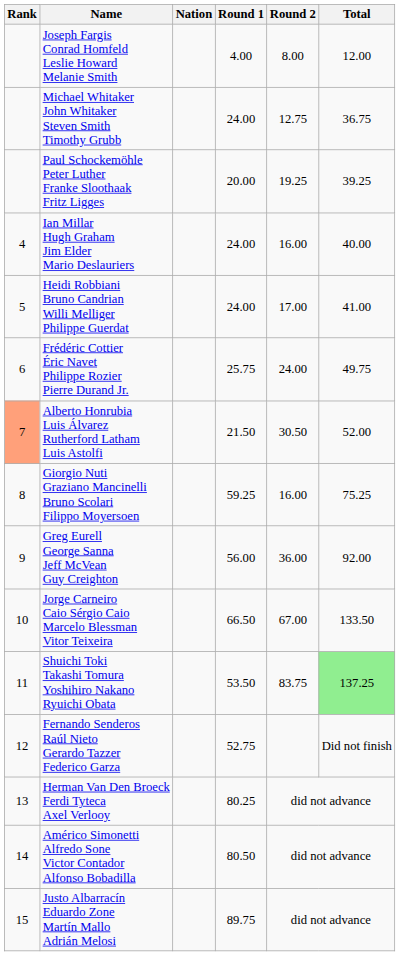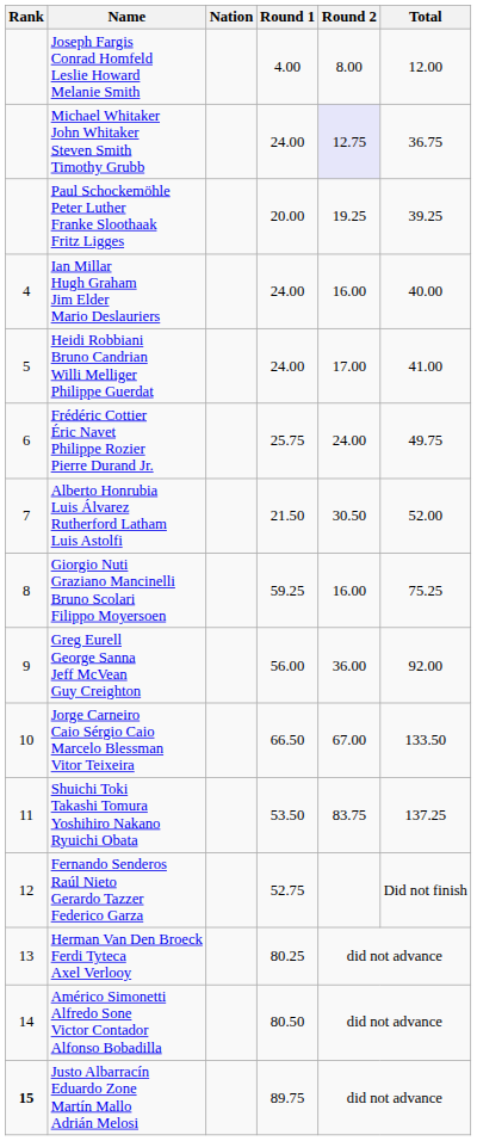 <table class="wikitable sortable" style="text-align:center">
 <tr>
 <th>Rank</th>
 <th>Name</th>
 <th>Nation</th>
 <th>Round 1</th>
 <th>Round 2</th>
 <th>Total</th>
 </tr>
 <tr>
 <td></td>
 <td align="left"><a href='#'>Joseph Fargis</a><br><a href='#'>Conrad Homfeld</a><br><a href='#'>Leslie Howard</a><br><a href='#'>Melanie Smith</a></td>
 <td align="left"></td>
 <td>4.00</td>
 <td>8.00</td>
 <td>12.00</td>
 </tr>
 <tr>
 <td></td>
 <td align="left"><a href='#'>Michael Whitaker</a><br><a href='#'>John Whitaker</a><br><a href='#'>Steven Smith</a><br><a href='#'>Timothy Grubb</a></td>
 <td align="left"></td>
 <td>24.00</td>
-<td>12.75</td>
+<td style="background: lavender;">12.75</td>
 <td>36.75</td>
 </tr>
 <tr>
 <td></td>
 <td align="left"><a href='#'>Paul Schockemöhle</a><br><a href='#'>Peter Luther</a><br><a href='#'>Franke Sloothaak</a><br><a href='#'>Fritz Ligges</a></td>
 <td align="left"></td>
 <td>20.00</td>
 <td>19.25</td>
 <td>39.25</td>
 </tr>
 <tr>
 <td>4</td>
 <td align="left"><a href='#'>Ian Millar</a><br><a href='#'>Hugh Graham</a><br><a href='#'>Jim Elder</a><br><a href='#'>Mario Deslauriers</a></td>
 <td align="left"></td>
 <td>24.00</td>
 <td>16.00</td>
 <td>40.00</td>
 </tr>
 <tr>
 <td>5</td>
 <td align="left"><a href='#'>Heidi Robbiani</a><br><a href='#'>Bruno Candrian</a><br><a href='#'>Willi Melliger</a><br><a href='#'>Philippe Guerdat</a></td>
 <td align="left"></td>
 <td>24.00</td>
 <td>17.00</td>
 <td>41.00</td>
 </tr>
 <tr>
 <td>6</td>
 <td align="left"><a href='#'>Frédéric Cottier</a><br><a href='#'>Éric Navet</a><br><a href='#'>Philippe Rozier</a><br><a href='#'>Pierre Durand Jr.</a></td>
 <td align="left"></td>
 <td>25.75</td>
 <td>24.00</td>
 <td>49.75</td>
 </tr>
 <tr>
-<td style="background: lightsalmon;">7</td>
+<td>7</td>
 <td align="left"><a href='#'>Alberto Honrubia</a><br><a href='#'>Luis Álvarez</a><br><a href='#'>Rutherford Latham</a><br><a href='#'>Luis Astolfi</a></td>
 <td align="left"></td>
 <td>21.50</td>
 <td>30.50</td>
 <td>52.00</td>
 </tr>
 <tr>
 <td>8</td>
 <td align="left"><a href='#'>Giorgio Nuti</a><br><a href='#'>Graziano Mancinelli</a><br><a href='#'>Bruno Scolari</a><br><a href='#'>Filippo Moyersoen</a></td>
 <td align="left"></td>
 <td>59.25</td>
 <td>16.00</td>
 <td>75.25</td>
 </tr>
 <tr>
 <td>9</td>
 <td align="left"><a href='#'>Greg Eurell</a><br><a href='#'>George Sanna</a><br><a href='#'>Jeff McVean</a><br><a href='#'>Guy Creighton</a></td>
 <td align="left"></td>
 <td>56.00</td>
 <td>36.00</td>
 <td>92.00</td>
 </tr>
 <tr>
 <td>10</td>
 <td align="left"><a href='#'>Jorge Carneiro</a><br><a href='#'>Caio Sérgio Caio</a><br><a href='#'>Marcelo Blessman</a><br><a href='#'>Vitor Teixeira</a></td>
 <td align="left"></td>
 <td>66.50</td>
 <td>67.00</td>
 <td>133.50</td>
 </tr>
 <tr>
 <td>11</td>
 <td align="left"><a href='#'>Shuichi Toki</a><br><a href='#'>Takashi Tomura</a><br><a href='#'>Yoshihiro Nakano</a><br><a href='#'>Ryuichi Obata</a></td>
 <td align="left"></td>
 <td>53.50</td>
 <td>83.75</td>
-<td style="background: lightgreen;">137.25</td>
+<td>137.25</td>
 </tr>
 <tr>
 <td>12</td>
 <td align="left"><a href='#'>Fernando Senderos</a><br><a href='#'>Raúl Nieto</a><br><a href='#'>Gerardo Tazzer</a><br><a href='#'>Federico Garza</a></td>
 <td align="left"></td>
 <td>52.75</td>
 <td></td>
 <td>Did not finish</td>
 </tr>
 <tr>
 <td>13</td>
 <td align="left"><a href='#'>Herman Van Den Broeck</a><br><a href='#'>Ferdi Tyteca</a><br><a href='#'>Axel Verlooy</a></td>
 <td align="left"></td>
 <td>80.25</td>
 <td colspan=2>did not advance</td>
 </tr>
 <tr>
 <td>14</td>
 <td align="left"><a href='#'>Américo Simonetti</a><br><a href='#'>Alfredo Sone</a><br><a href='#'>Victor Contador</a><br><a href='#'>Alfonso Bobadilla</a></td>
 <td align="left"></td>
 <td>80.50</td>
 <td colspan=2>did not advance</td>
 </tr>
 <tr>
-<td>15</td>
+<td><strong>15</strong></td>
 <td align="left"><a href='#'>Justo Albarracín</a><br><a href='#'>Eduardo Zone</a><br><a href='#'>Martín Mallo</a><br><a href='#'>Adrián Melosi</a></td>
 <td align="left"></td>
 <td>89.75</td>
 <td colspan=2>did not advance</td>
 </tr>
 </table>
